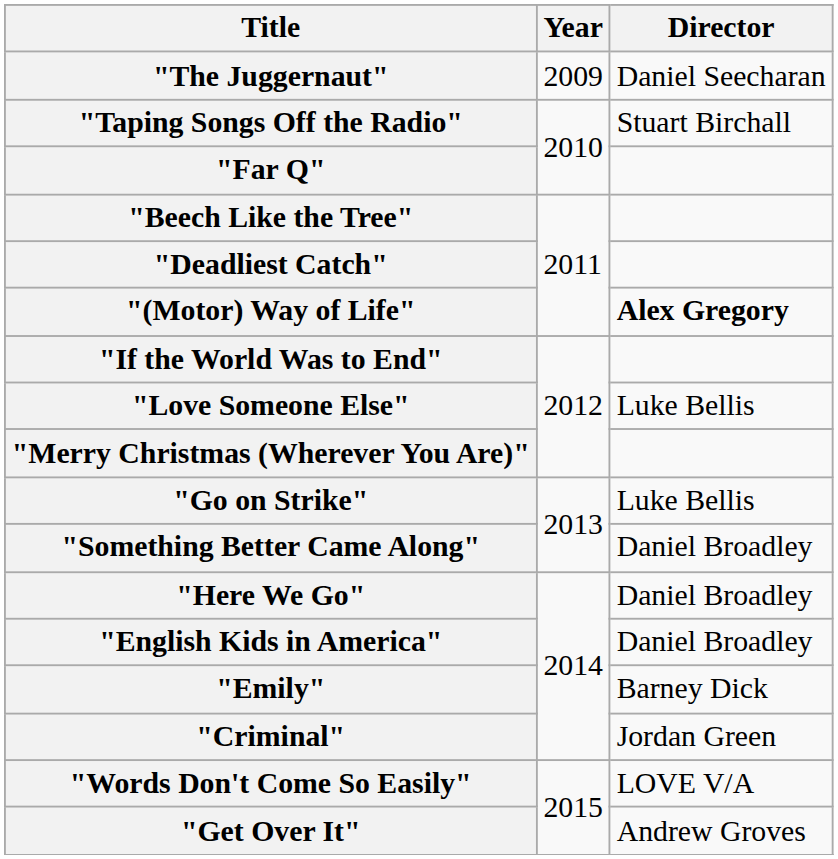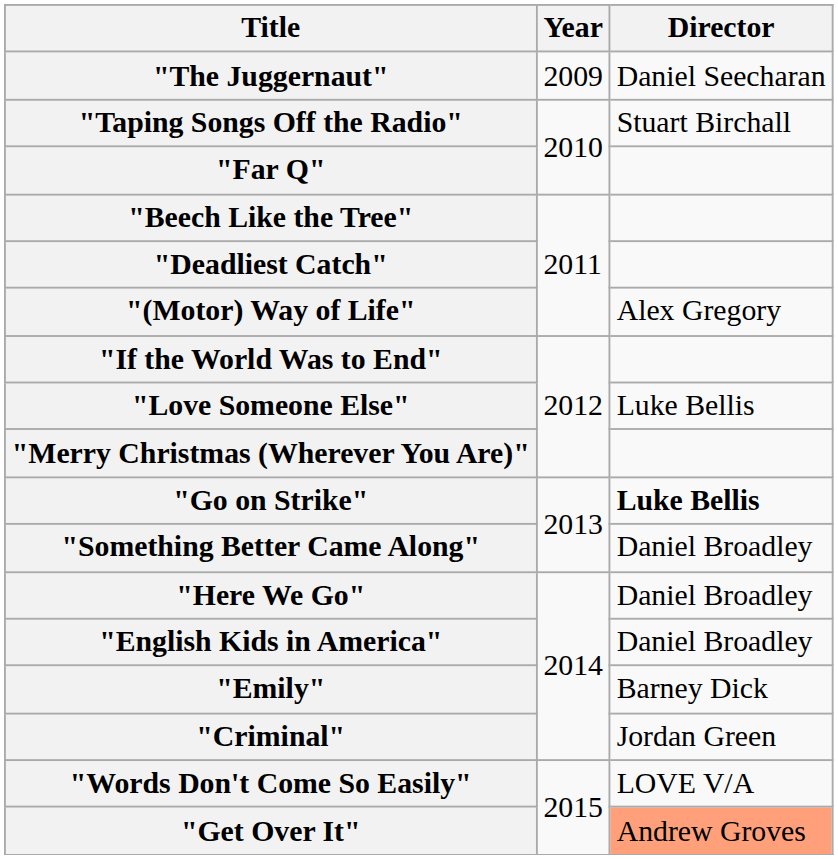 <table class="wikitable plainrowheaders">
 <tr>
 <th scope=col>Title</th>
 <th scope=col>Year</th>
 <th scope=col>Director</th>
 </tr>
 <tr>
 <th scope="row">"The Juggernaut"</th>
 <td>2009</td>
 <td>Daniel Seecharan</td>
 </tr>
 <tr>
 <th scope="row">"Taping Songs Off the Radio"</th>
 <td rowspan="2">2010</td>
 <td>Stuart Birchall</td>
 </tr>
 <tr>
 <th scope="row">"Far Q"</th>
 <td></td>
 </tr>
 <tr>
 <th scope="row">"Beech Like the Tree"</th>
 <td rowspan="3">2011</td>
 <td></td>
 </tr>
 <tr>
 <th scope="row">"Deadliest Catch"</th>
 <td></td>
 </tr>
 <tr>
 <th scope="row">"(Motor) Way of Life"</th>
-<td><strong>Alex Gregory</strong></td>
+<td>Alex Gregory</td>
 </tr>
 <tr>
 <th scope="row">"If the World Was to End"</th>
 <td rowspan="3">2012</td>
 <td></td>
 </tr>
 <tr>
 <th scope="row">"Love Someone Else"</th>
 <td>Luke Bellis</td>
 </tr>
 <tr>
 <th scope="row">"Merry Christmas (Wherever You Are)"</th>
 <td></td>
 </tr>
 <tr>
 <th scope="row">"Go on Strike"</th>
 <td rowspan="2">2013</td>
-<td>Luke Bellis</td>
+<td><strong>Luke Bellis</strong></td>
 </tr>
 <tr>
 <th scope="row">"Something Better Came Along"</th>
 <td>Daniel Broadley</td>
 </tr>
 <tr>
 <th scope="row">"Here We Go"</th>
 <td rowspan="4">2014</td>
 <td>Daniel Broadley</td>
 </tr>
 <tr>
 <th scope="row">"English Kids in America"</th>
 <td>Daniel Broadley</td>
 </tr>
 <tr>
 <th scope="row">"Emily"</th>
 <td>Barney Dick</td>
 </tr>
 <tr>
 <th scope="row">"Criminal"</th>
 <td>Jordan Green</td>
 </tr>
 <tr>
 <th scope="row">"Words Don't Come So Easily"</th>
 <td rowspan="2">2015</td>
 <td>LOVE V/A</td>
 </tr>
 <tr>
 <th scope="row">"Get Over It"</th>
-<td>Andrew Groves</td>
+<td style="background: lightsalmon;">Andrew Groves</td>
 </tr>
 <tr>
 </tr>
 </table>
